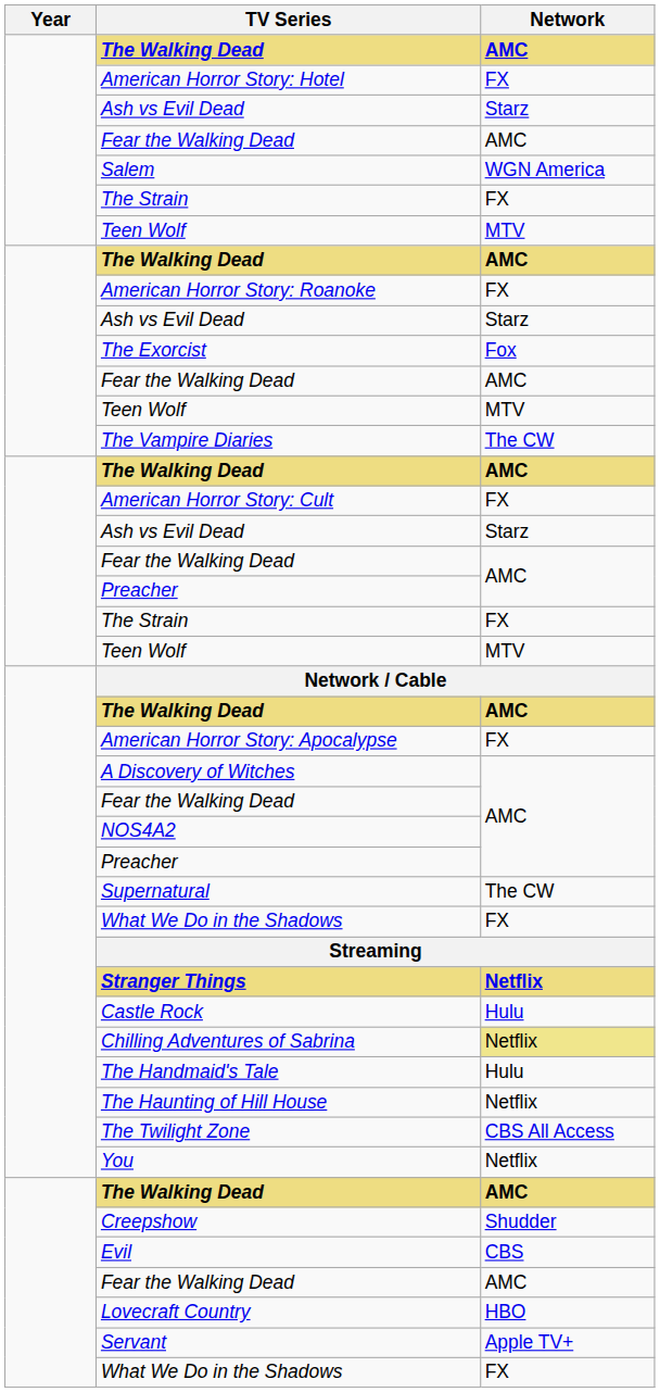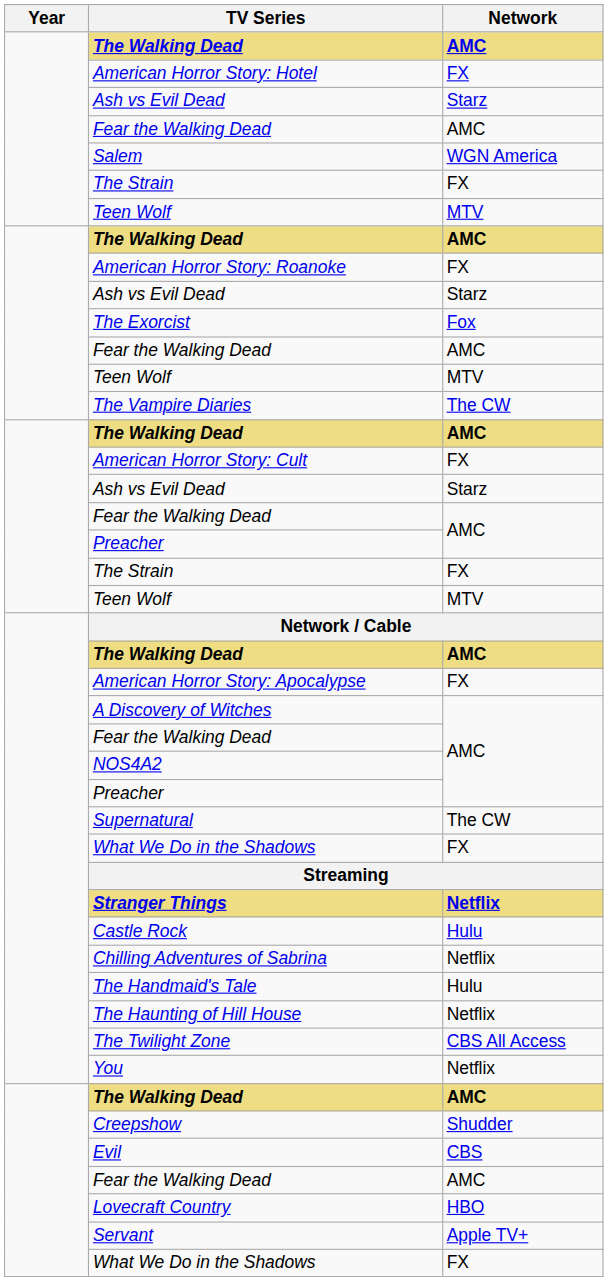 <table class="wikitable" width="550px" border="1" cellpadding="5" cellspacing="0" align="centre">
 <tr>
 <th width="70px">Year</th>
 <th>TV Series</th>
 <th>Network</th>
 </tr>
 <tr>
 <td rowspan="7"></td>
 <td style="background:#EEDD82"><strong><em><a href='#'>The Walking Dead</a></em></strong></td>
 <td style="background:#EEDD82"><strong><a href='#'>AMC</a></strong></td>
 </tr>
 <tr>
 <td><em><a href='#'>American Horror Story: Hotel</a></em></td>
 <td><a href='#'>FX</a></td>
 </tr>
 <tr>
 <td><em><a href='#'>Ash vs Evil Dead</a></em></td>
 <td><a href='#'>Starz</a></td>
 </tr>
 <tr>
 <td><em><a href='#'>Fear the Walking Dead</a></em></td>
 <td>AMC</td>
 </tr>
 <tr>
 <td><em><a href='#'>Salem</a></em></td>
 <td><a href='#'>WGN America</a></td>
 </tr>
 <tr>
 <td><em><a href='#'>The Strain</a></em></td>
 <td>FX</td>
 </tr>
 <tr>
 <td><em><a href='#'>Teen Wolf</a></em></td>
 <td><a href='#'>MTV</a></td>
 </tr>
 <tr>
 <td rowspan="7"></td>
 <td style="background:#EEDD82"><strong><em>The Walking Dead</em></strong></td>
 <td style="background:#EEDD82"><strong>AMC</strong></td>
 </tr>
 <tr>
 <td><em><a href='#'>American Horror Story: Roanoke</a></em></td>
 <td>FX</td>
 </tr>
 <tr>
 <td><em>Ash vs Evil Dead</em></td>
 <td>Starz</td>
 </tr>
 <tr>
 <td><em><a href='#'>The Exorcist</a></em></td>
 <td><a href='#'>Fox</a></td>
 </tr>
 <tr>
 <td><em>Fear the Walking Dead</em></td>
 <td>AMC</td>
 </tr>
 <tr>
 <td><em>Teen Wolf</em></td>
 <td>MTV</td>
 </tr>
 <tr>
 <td><em><a href='#'>The Vampire Diaries</a></em></td>
 <td><a href='#'>The CW</a></td>
 </tr>
 <tr>
 <td rowspan="7"></td>
 <td style="background:#EEDD82"><strong><em>The Walking Dead</em></strong></td>
 <td style="background:#EEDD82"><strong>AMC</strong></td>
 </tr>
 <tr>
 <td><em><a href='#'>American Horror Story: Cult</a></em></td>
 <td>FX</td>
 </tr>
 <tr>
 <td><em>Ash vs Evil Dead</em></td>
 <td>Starz</td>
 </tr>
 <tr>
 <td><em>Fear the Walking Dead</em></td>
 <td rowspan="2">AMC</td>
 </tr>
 <tr>
 <td><em><a href='#'>Preacher</a></em></td>
 </tr>
 <tr>
 <td><em>The Strain</em></td>
 <td>FX</td>
 </tr>
 <tr>
 <td><em>Teen Wolf</em></td>
 <td>MTV</td>
 </tr>
 <tr>
 <td rowspan="17"></td>
 <th colspan="2">Network / Cable</th>
 </tr>
 <tr>
 <td style="background:#EEDD82"><strong><em>The Walking Dead</em></strong></td>
 <td style="background:#EEDD82"><strong>AMC</strong></td>
 </tr>
 <tr>
 <td><em><a href='#'>American Horror Story: Apocalypse</a></em></td>
 <td>FX</td>
 </tr>
 <tr>
 <td><em><a href='#'>A Discovery of Witches</a></em></td>
 <td rowspan="4">AMC</td>
 </tr>
 <tr>
 <td><em>Fear the Walking Dead</em></td>
 </tr>
 <tr>
 <td><em><a href='#'>NOS4A2</a></em></td>
 </tr>
 <tr>
 <td><em>Preacher</em></td>
 </tr>
 <tr>
 <td><em><a href='#'>Supernatural</a></em></td>
 <td>The CW</td>
 </tr>
 <tr>
 <td><em><a href='#'>What We Do in the Shadows</a></em></td>
 <td>FX</td>
 </tr>
 <tr>
 <th colspan="2">Streaming</th>
 </tr>
 <tr>
 <td style="background:#EEDD82"><strong><em><a href='#'>Stranger Things</a></em></strong></td>
 <td style="background:#EEDD82"><strong><a href='#'>Netflix</a></strong></td>
 </tr>
 <tr>
 <td><em><a href='#'>Castle Rock</a></em></td>
 <td><a href='#'>Hulu</a></td>
 </tr>
 <tr>
 <td><em><a href='#'>Chilling Adventures of Sabrina</a></em></td>
-<td style="background: khaki;">Netflix</td>
+<td>Netflix</td>
 </tr>
 <tr>
 <td><em><a href='#'>The Handmaid's Tale</a></em></td>
 <td>Hulu</td>
 </tr>
 <tr>
 <td><em><a href='#'>The Haunting of Hill House</a></em></td>
 <td>Netflix</td>
 </tr>
 <tr>
 <td><em><a href='#'>The Twilight Zone</a></em></td>
 <td><a href='#'>CBS All Access</a></td>
 </tr>
 <tr>
 <td><em><a href='#'>You</a></em></td>
 <td>Netflix</td>
 </tr>
 <tr>
 <td rowspan="7"></td>
 <td style="background:#EEDD82"><strong><em>The Walking Dead</em></strong></td>
 <td style="background:#EEDD82"><strong>AMC</strong></td>
 </tr>
 <tr>
 <td><em><a href='#'>Creepshow</a></em></td>
 <td><a href='#'>Shudder</a></td>
 </tr>
 <tr>
 <td><em><a href='#'>Evil</a></em></td>
 <td><a href='#'>CBS</a></td>
 </tr>
 <tr>
 <td><em>Fear the Walking Dead</em></td>
 <td>AMC</td>
 </tr>
 <tr>
 <td><em><a href='#'>Lovecraft Country</a></em></td>
 <td><a href='#'>HBO</a></td>
 </tr>
 <tr>
 <td><em><a href='#'>Servant</a></em></td>
 <td><a href='#'>Apple TV+</a></td>
 </tr>
 <tr>
 <td><em>What We Do in the Shadows</em></td>
 <td>FX</td>
 </tr>
 </table>
